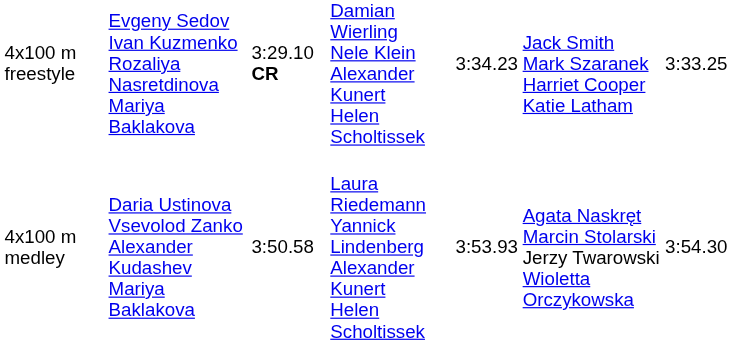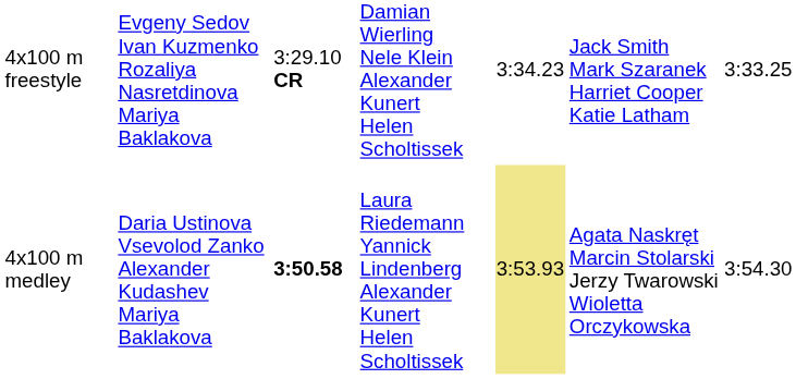 <table>
 <tr>
 <td>4x100 m freestyle</td>
 <td><br><a href='#'>Evgeny Sedov</a><br><a href='#'>Ivan Kuzmenko</a><br><a href='#'>Rozaliya Nasretdinova</a><br><a href='#'>Mariya Baklakova</a></td>
 <td>3:29.10 <strong>CR</strong></td>
 <td><br><a href='#'>Damian Wierling</a><br><a href='#'>Nele Klein</a><br><a href='#'>Alexander Kunert</a><br><a href='#'>Helen Scholtissek</a></td>
 <td>3:34.23</td>
 <td><br><a href='#'>Jack Smith</a><br><a href='#'>Mark Szaranek</a><br><a href='#'>Harriet Cooper</a><br><a href='#'>Katie Latham</a></td>
 <td>3:33.25</td>
 </tr>
 <tr>
 <td>4x100 m medley</td>
 <td><br><a href='#'>Daria Ustinova</a><br><a href='#'>Vsevolod Zanko</a><br><a href='#'>Alexander Kudashev</a><br><a href='#'>Mariya Baklakova</a></td>
-<td>3:50.58</td>
+<td><strong>3:50.58</strong></td>
 <td><br><a href='#'>Laura Riedemann</a><br><a href='#'>Yannick Lindenberg</a><br><a href='#'>Alexander Kunert</a><br><a href='#'>Helen Scholtissek</a></td>
-<td>3:53.93</td>
+<td style="background: khaki;">3:53.93</td>
 <td><br><a href='#'>Agata Naskręt</a><br><a href='#'>Marcin Stolarski</a><br>Jerzy Twarowski<br><a href='#'>Wioletta Orczykowska</a></td>
 <td>3:54.30</td>
 </tr>
 <tr>
 </tr>
 </table>
